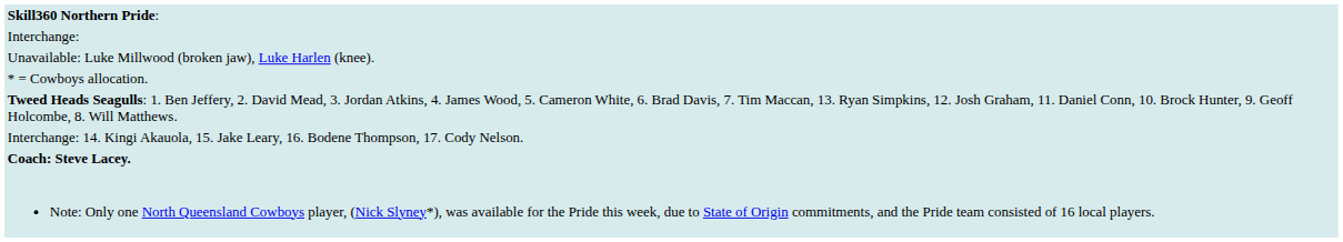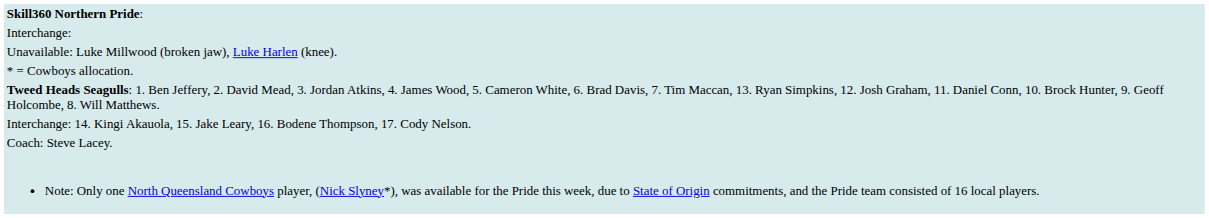 <table style="background:#d7ebed; font-size:85%; width:100%;">
 <tr>
 <td><strong>Skill360 Northern Pride</strong>:             </td>
 </tr>
 <tr>
 <td>Interchange:    </td>
 </tr>
 <tr>
 <td>Unavailable: Luke Millwood (broken jaw), <a href='#'>Luke Harlen</a> (knee).</td>
 </tr>
 <tr>
 <td>* = Cowboys allocation.</td>
 </tr>
 <tr>
 <td><strong>Tweed Heads Seagulls</strong>: 1. Ben Jeffery, 2. David Mead, 3. Jordan Atkins, 4. James Wood, 5. Cameron White, 6. Brad Davis, 7. Tim Maccan, 13. Ryan Simpkins, 12. Josh Graham, 11. Daniel Conn, 10. Brock Hunter, 9. Geoff Holcombe, 8. Will Matthews.</td>
 </tr>
 <tr>
 <td>Interchange: 14. Kingi Akauola, 15. Jake Leary, 16. Bodene Thompson, 17. Cody Nelson.</td>
 </tr>
 <tr>
-<td><strong>Coach: Steve Lacey.</strong></td>
+<td>Coach: Steve Lacey.</td>
 </tr>
 <tr>
 <td><br><ul><li>Note: Only one <a href='#'>North Queensland Cowboys</a> player, (<a href='#'>Nick Slyney</a>*), was available for the Pride this week, due to <a href='#'>State of Origin</a> commitments, and the Pride team consisted of 16 local players.</li></ul></td>
 </tr>
 </table>
